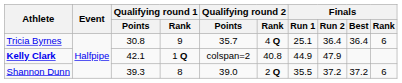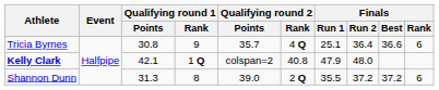 <table class=wikitable style=font-size:90%;text-align:center>
 <tr>
 <th rowspan=2>Athlete</th>
 <th rowspan=2>Event</th>
 <th colspan=2>Qualifying round 1</th>
 <th colspan=2>Qualifying round 2</th>
 <th colspan=4>Finals</th>
 </tr>
 <tr style=font-size:95%>
 <th>Points</th>
 <th>Rank</th>
 <th>Points</th>
 <th>Rank</th>
 <th>Run 1</th>
 <th>Run 2</th>
 <th>Best</th>
 <th>Rank</th>
 </tr>
 <tr>
 <td align=left><a href='#'>Tricia Byrnes</a></td>
 <td align=left rowspan=3><a href='#'>Halfpipe</a></td>
 <td>30.8</td>
 <td>9</td>
 <td>35.7</td>
 <td>4 <strong>Q</strong></td>
 <td>25.1</td>
 <td>36.4</td>
-<td>36.4</td>
+<td>36.6</td>
 <td>6</td>
 </tr>
 <tr>
 <td align=left><strong><a href='#'>Kelly Clark</a></strong></td>
 <td>42.1</td>
 <td>1 <strong>Q</strong></td>
 <td>colspan=2 </td>
 <td>40.8</td>
-<td>44.9</td>
 <td>47.9</td>
+<td>48.0</td>
 <td></td>
 </tr>
 <tr>
 <td align=left><a href='#'>Shannon Dunn</a></td>
-<td>39.3</td>
+<td>31.3</td>
 <td>8</td>
 <td>39.0</td>
 <td>2 <strong>Q</strong></td>
 <td>35.5</td>
 <td>37.2</td>
 <td>37.2</td>
 <td>6</td>
 </tr>
 </table>
